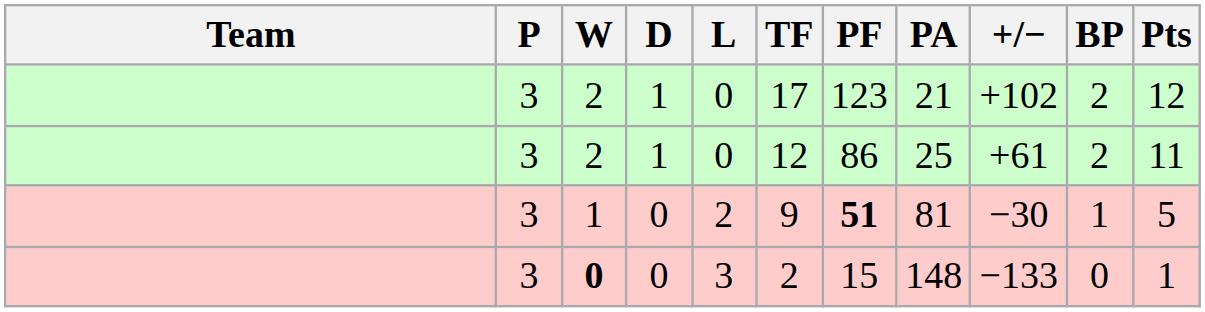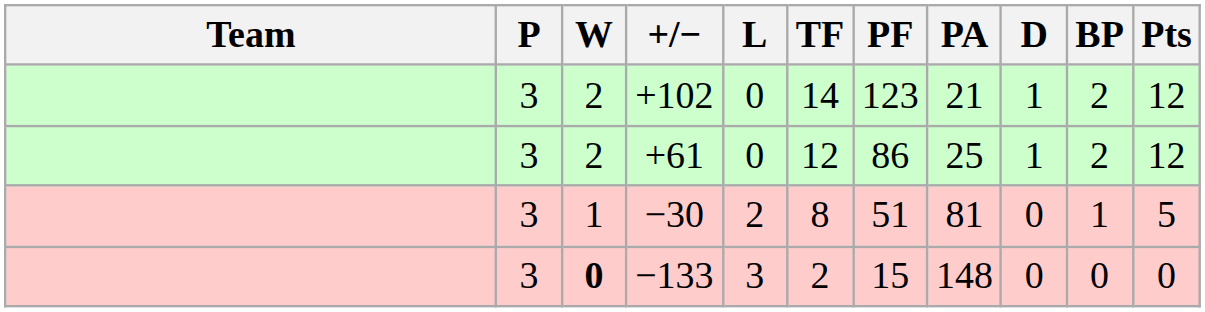 <table class="wikitable" style="text-align:center">
 <tr>
 <th width="200">Team</th>
 <th width="20">P</th>
 <th width="20">W</th>
-<th width="20">D</th>
+<th width="25">+/−</th>
 <th width="20">L</th>
 <th width="20">TF</th>
 <th width="20">PF</th>
 <th width="20">PA</th>
-<th width="25">+/−</th>
+<th width="20">D</th>
 <th width="20">BP</th>
 <th width="20">Pts</th>
 </tr>
 <tr style="background:#cfc;">
 <td align="left"></td>
 <td>3</td>
 <td>2</td>
-<td>1</td>
+<td>+102</td>
 <td>0</td>
-<td>17</td>
+<td>14</td>
 <td>123</td>
 <td>21</td>
-<td>+102</td>
+<td>1</td>
 <td>2</td>
 <td>12</td>
 </tr>
 <tr style="background:#cfc;">
 <td align="left"></td>
 <td>3</td>
 <td>2</td>
-<td>1</td>
+<td>+61</td>
 <td>0</td>
 <td>12</td>
 <td>86</td>
 <td>25</td>
-<td>+61</td>
+<td>1</td>
 <td>2</td>
-<td>11</td>
+<td>12</td>
 </tr>
 <tr style="background:#fcc;">
 <td align="left"></td>
 <td>3</td>
 <td>1</td>
+<td>−30</td>
+<td>2</td>
+<td>8</td>
+<td>51</td>
+<td>81</td>
 <td>0</td>
-<td>2</td>
-<td>9</td>
-<td><strong>51</strong></td>
-<td>81</td>
-<td>−30</td>
 <td>1</td>
 <td>5</td>
 </tr>
 <tr style="background:#fcc;">
 <td align="left"></td>
 <td>3</td>
 <td><strong>0</strong></td>
-<td>0</td>
+<td>−133</td>
 <td>3</td>
 <td>2</td>
 <td>15</td>
 <td>148</td>
-<td>−133</td>
 <td>0</td>
-<td>1</td>
+<td>0</td>
+<td>0</td>
 </tr>
 </table>
